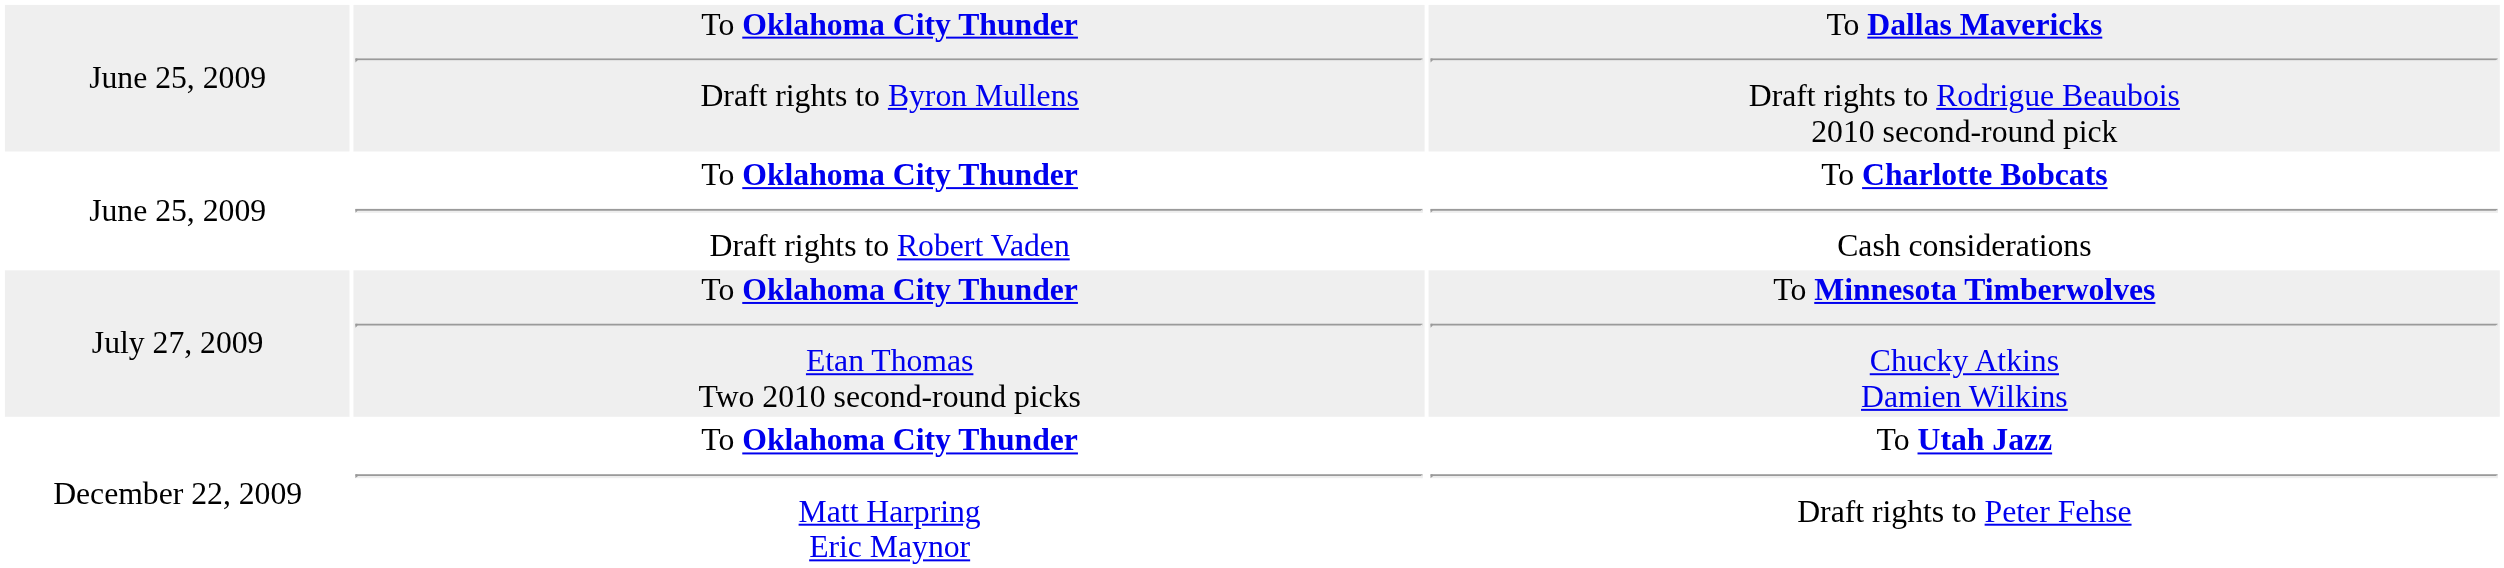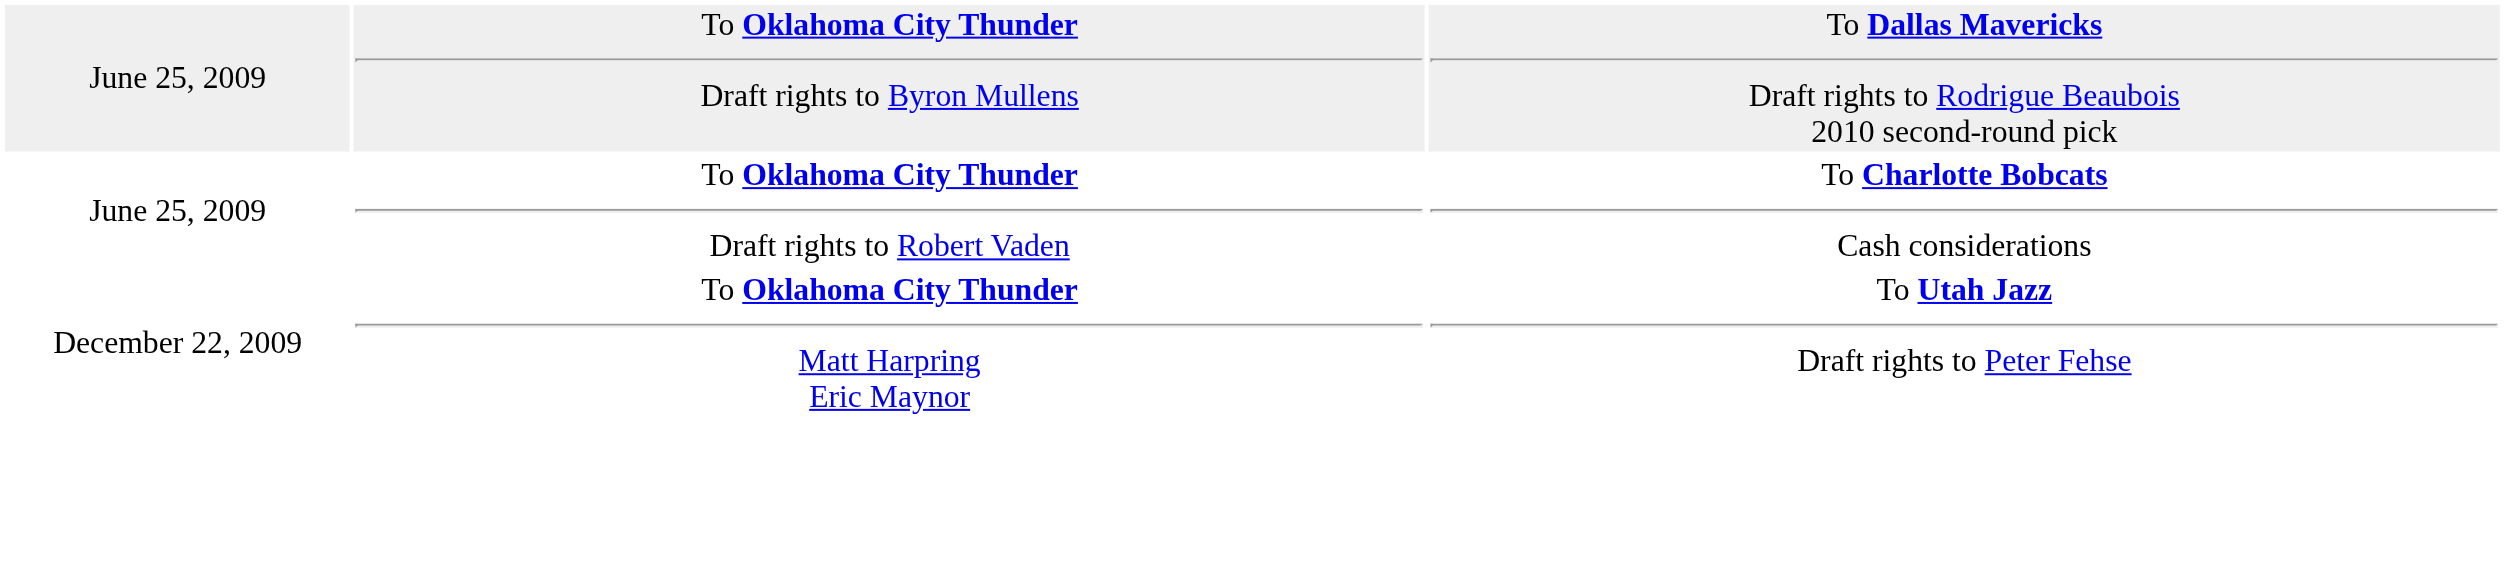 <table style="text-align: center">
 <tr style="background:#eeee">
 <td style="width:10%">June 25, 2009</td>
 <td style="width:31%; vertical-align:top;">To <strong><a href='#'>Oklahoma City Thunder</a></strong><hr>Draft rights to <a href='#'>Byron Mullens</a></td>
 <td style="width:31%; vertical-align:top;">To <strong><a href='#'>Dallas Mavericks</a></strong><hr>Draft rights to <a href='#'>Rodrigue Beaubois</a><br>2010 second-round pick</td>
 </tr>
 <tr>
 <td style="width:10%">June 25, 2009</td>
 <td style="width:31%; vertical-align:top;">To <strong><a href='#'>Oklahoma City Thunder</a></strong><hr>Draft rights to <a href='#'>Robert Vaden</a></td>
 <td style="width:31%; vertical-align:top;">To <strong><a href='#'>Charlotte Bobcats</a></strong><hr>Cash considerations</td>
 </tr>
-<tr style="background:#eeee">
-<td style="width:10%">July 27, 2009</td>
-<td style="width:31%; vertical-align:top;">To <strong><a href='#'>Oklahoma City Thunder</a></strong><hr><a href='#'>Etan Thomas</a><br>Two 2010 second-round picks</td>
-<td style="width:31%; vertical-align:top;">To <strong><a href='#'>Minnesota Timberwolves</a></strong><hr><a href='#'>Chucky Atkins</a><br><a href='#'>Damien Wilkins</a></td>
-</tr>
 <tr>
 <td style="width:10%">December 22, 2009</td>
 <td style="width:31%; vertical-align:top;">To <strong><a href='#'>Oklahoma City Thunder</a></strong><hr><a href='#'>Matt Harpring</a><br><a href='#'>Eric Maynor</a></td>
 <td style="width:31%; vertical-align:top;">To <strong><a href='#'>Utah Jazz</a></strong><hr>Draft rights to <a href='#'>Peter Fehse</a></td>
 </tr>
 </table>
